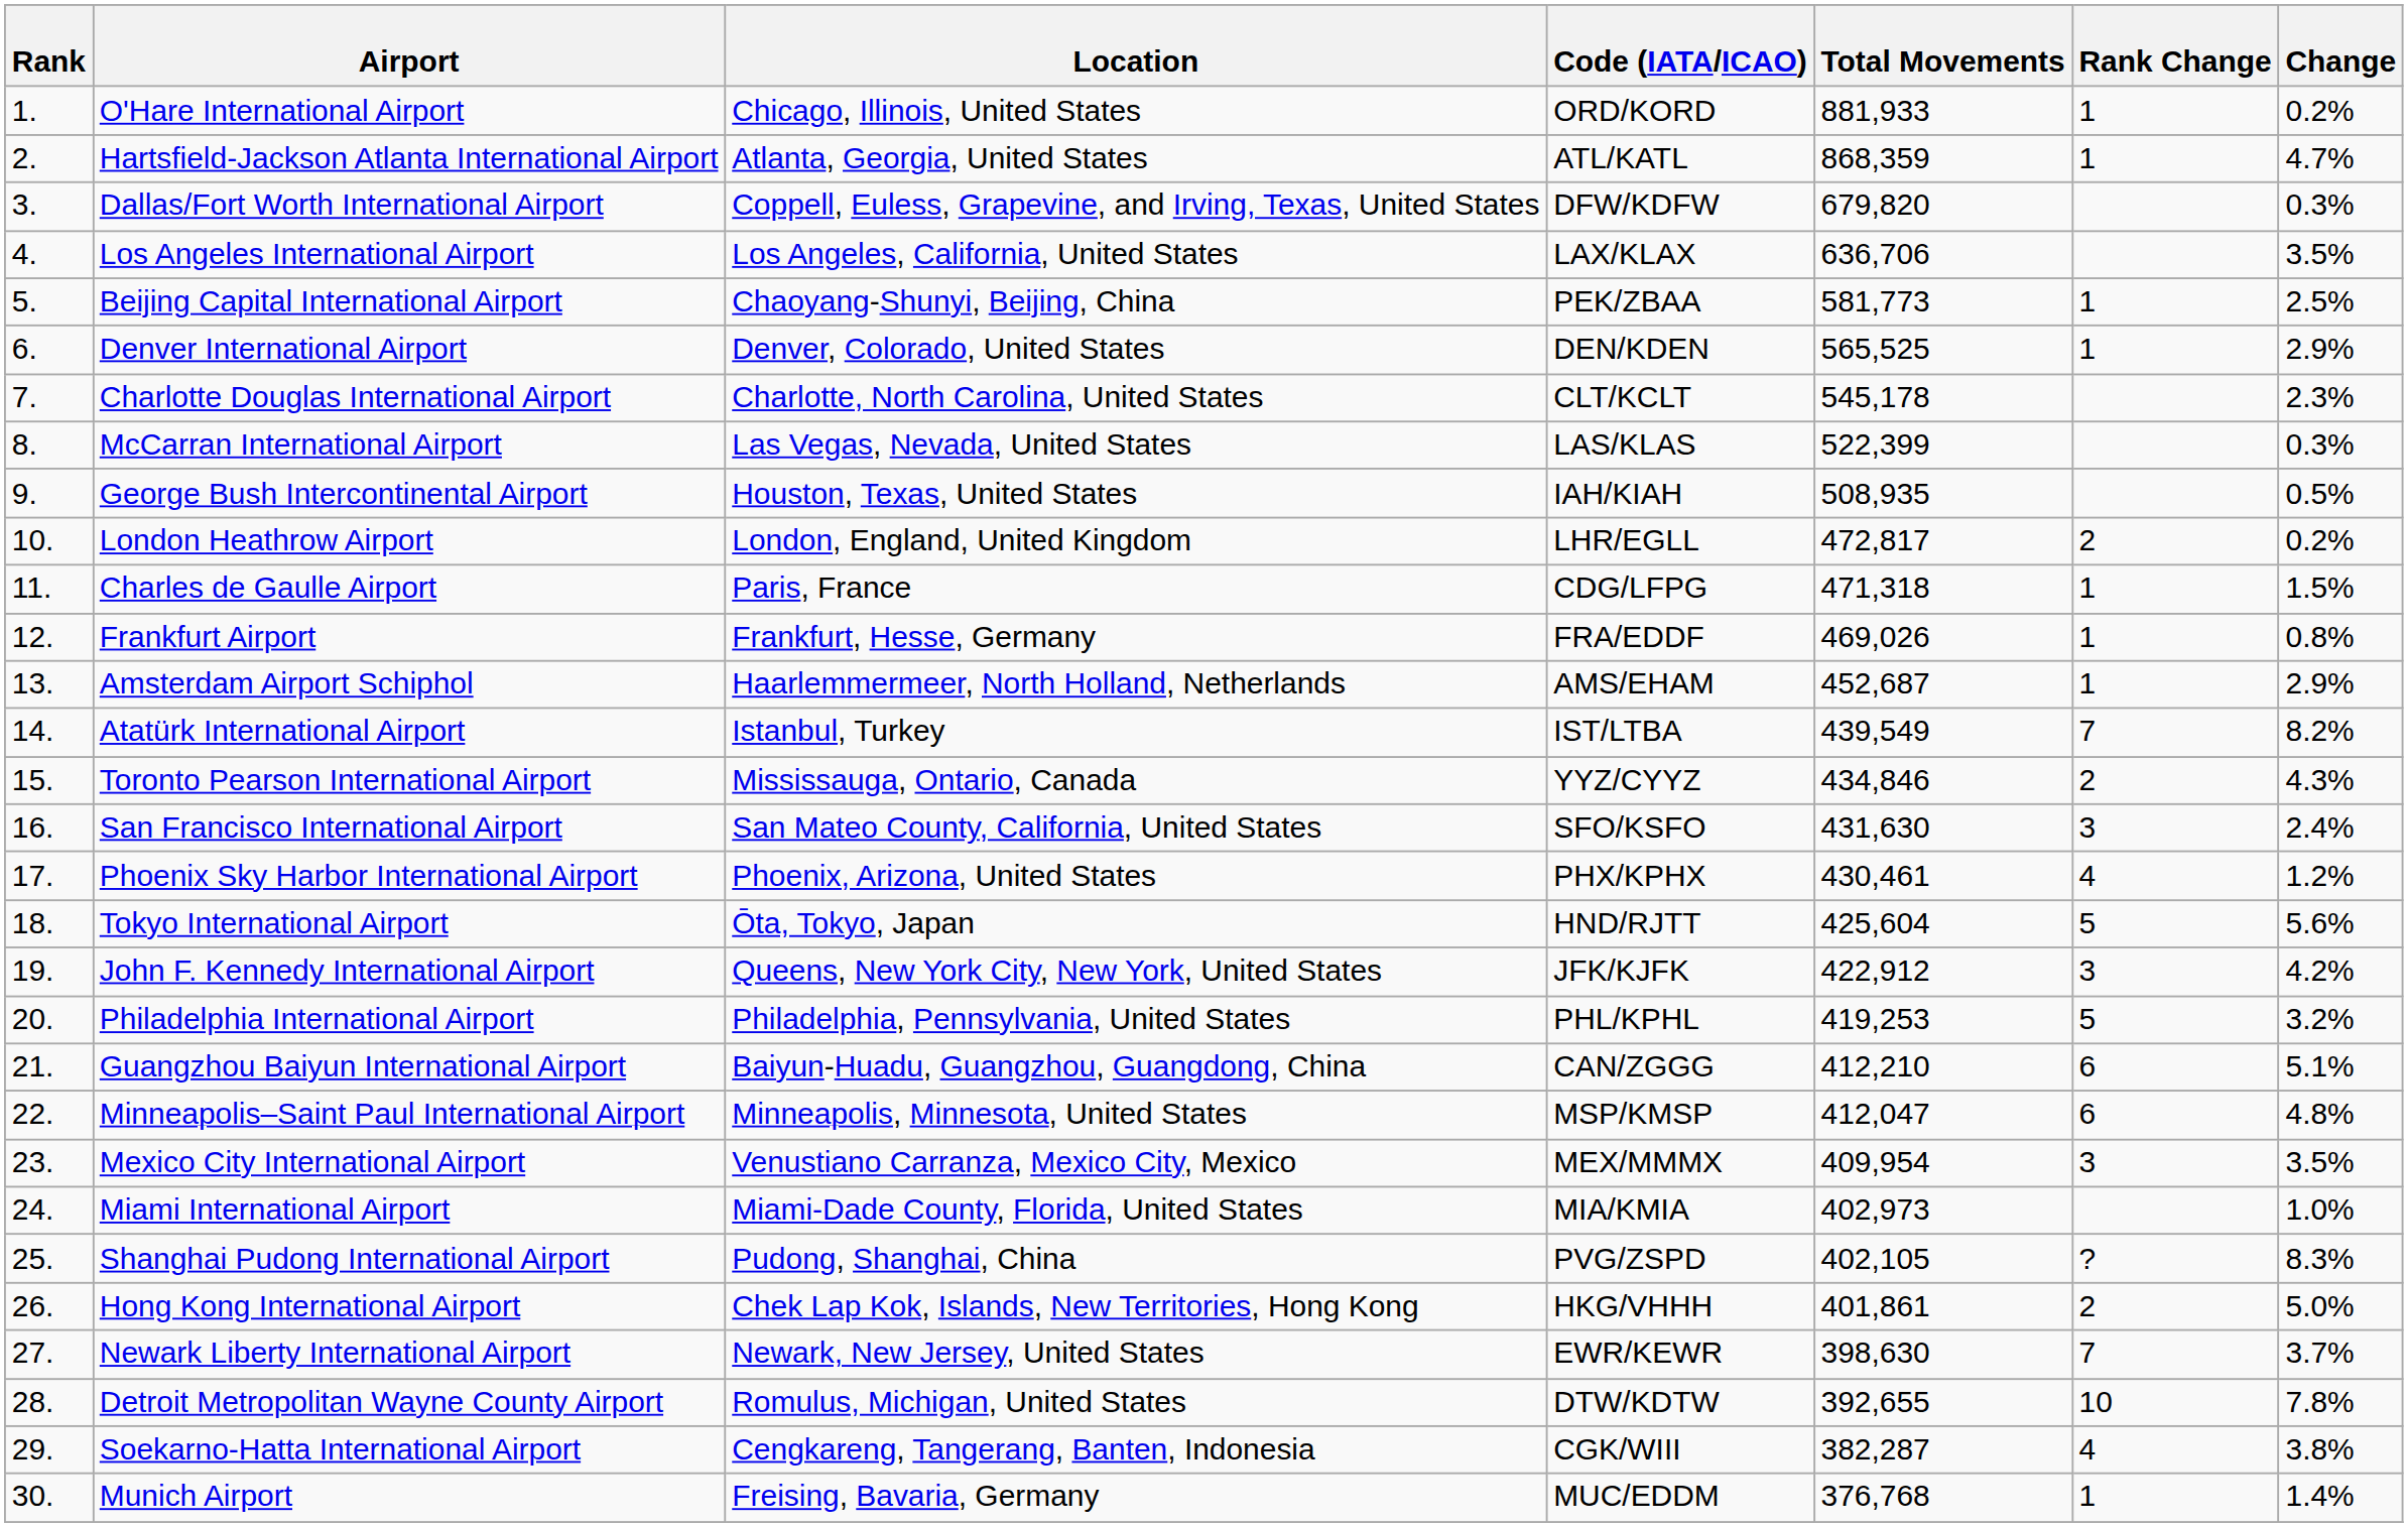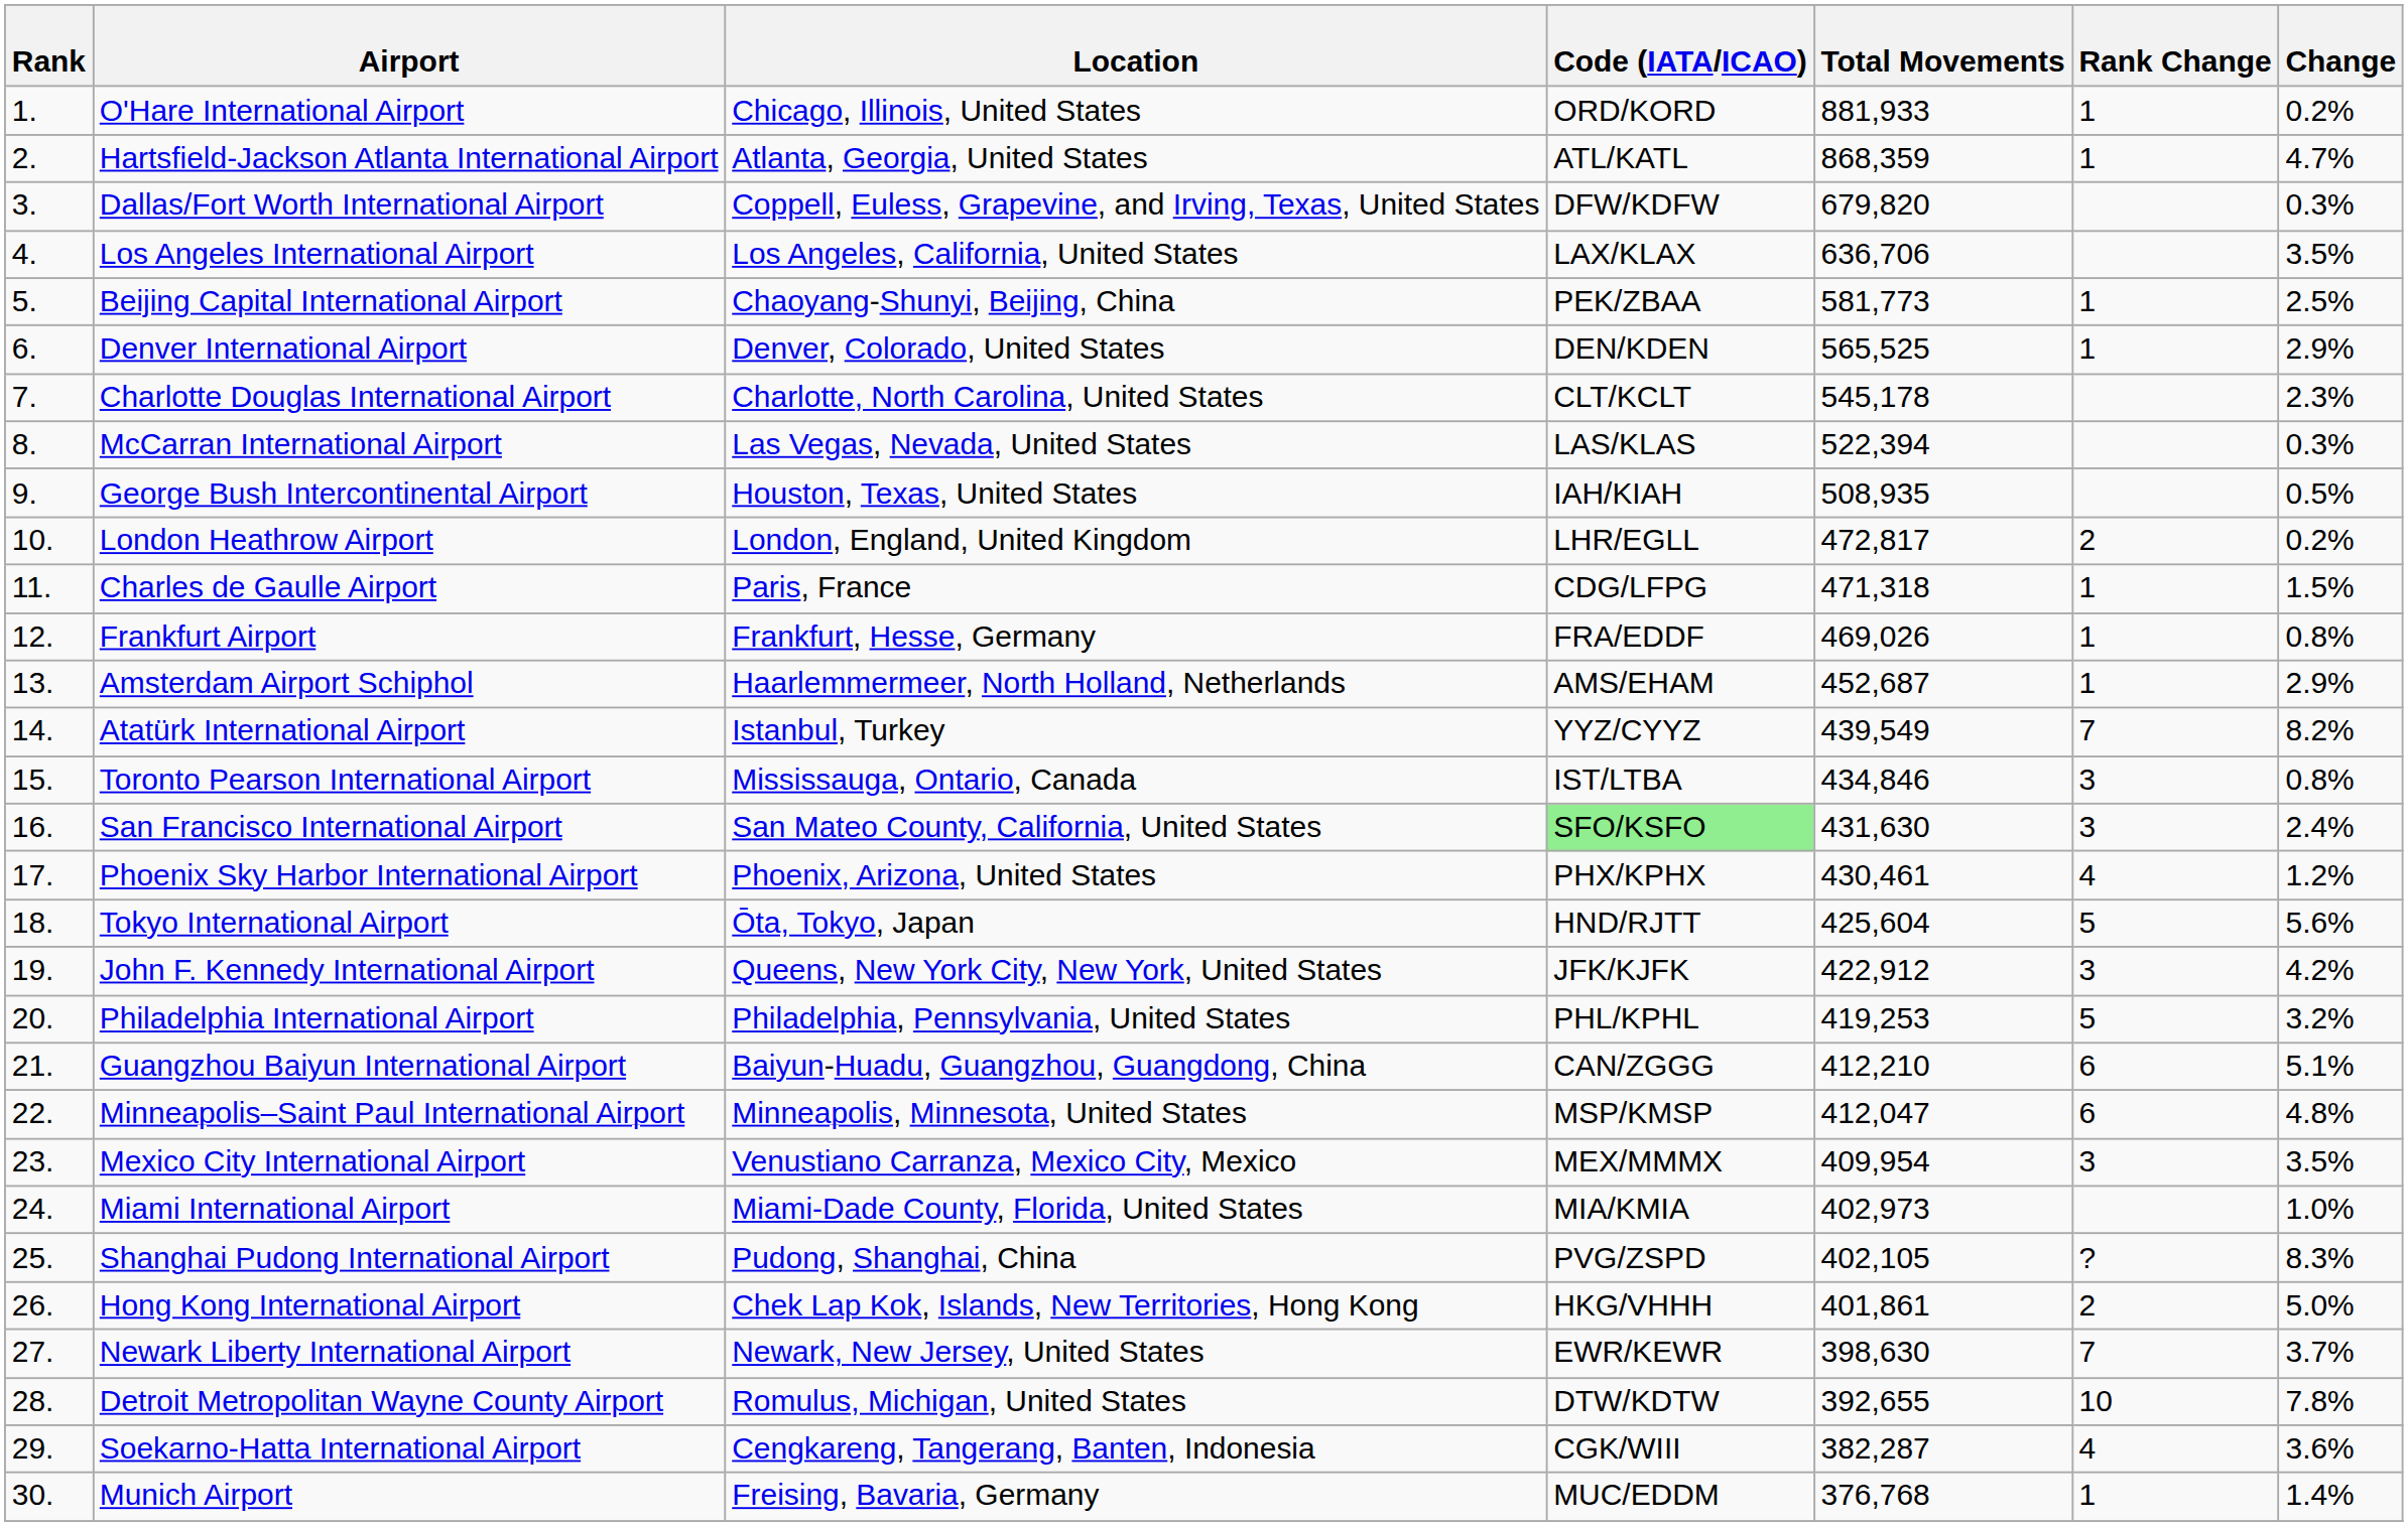 <table class="wikitable sortable" width="align=">
 <tr>
 <th><br>Rank</th>
 <th><br>Airport</th>
 <th><br>Location</th>
 <th><br>Code (<a href='#'>IATA</a>/<a href='#'>ICAO</a>)</th>
 <th><br>Total Movements</th>
 <th><br>Rank Change</th>
 <th><br>Change</th>
 </tr>
 <tr>
 <td>1.</td>
 <td> <a href='#'>O'Hare International Airport</a></td>
 <td><a href='#'>Chicago</a>, <a href='#'>Illinois</a>, United States</td>
 <td>ORD/KORD</td>
 <td>881,933</td>
 <td> 1</td>
 <td> 0.2%</td>
 </tr>
 <tr>
 <td>2.</td>
 <td> <a href='#'>Hartsfield-Jackson Atlanta International Airport</a></td>
 <td><a href='#'>Atlanta</a>, <a href='#'>Georgia</a>, United States</td>
 <td>ATL/KATL</td>
 <td>868,359</td>
 <td> 1</td>
 <td> 4.7%</td>
 </tr>
 <tr>
 <td>3.</td>
 <td> <a href='#'>Dallas/Fort Worth International Airport</a></td>
 <td><a href='#'>Coppell</a>, <a href='#'>Euless</a>, <a href='#'>Grapevine</a>, and <a href='#'>Irving, Texas</a>, United States</td>
 <td>DFW/KDFW</td>
 <td>679,820</td>
 <td></td>
 <td> 0.3%</td>
 </tr>
 <tr>
 <td>4.</td>
 <td> <a href='#'>Los Angeles International Airport</a></td>
 <td><a href='#'>Los Angeles</a>, <a href='#'>California</a>, United States</td>
 <td>LAX/KLAX</td>
 <td>636,706</td>
 <td></td>
 <td> 3.5%</td>
 </tr>
 <tr>
 <td>5.</td>
 <td> <a href='#'>Beijing Capital International Airport</a></td>
 <td><a href='#'>Chaoyang</a>-<a href='#'>Shunyi</a>, <a href='#'>Beijing</a>, China</td>
 <td>PEK/ZBAA</td>
 <td>581,773</td>
 <td> 1</td>
 <td> 2.5%</td>
 </tr>
 <tr>
 <td>6.</td>
 <td> <a href='#'>Denver International Airport</a></td>
 <td><a href='#'>Denver</a>, <a href='#'>Colorado</a>, United States</td>
 <td>DEN/KDEN</td>
 <td>565,525</td>
 <td> 1</td>
 <td> 2.9%</td>
 </tr>
 <tr>
 <td>7.</td>
 <td> <a href='#'>Charlotte Douglas International Airport</a></td>
 <td><a href='#'>Charlotte, North Carolina</a>, United States</td>
 <td>CLT/KCLT</td>
 <td>545,178</td>
 <td></td>
 <td> 2.3%</td>
 </tr>
 <tr>
 <td>8.</td>
 <td> <a href='#'>McCarran International Airport</a></td>
 <td><a href='#'>Las Vegas</a>, <a href='#'>Nevada</a>, United States</td>
 <td>LAS/KLAS</td>
-<td>522,399</td>
+<td>522,394</td>
 <td></td>
 <td> 0.3%</td>
 </tr>
 <tr>
 <td>9.</td>
 <td> <a href='#'>George Bush Intercontinental Airport</a></td>
 <td><a href='#'>Houston</a>, <a href='#'>Texas</a>, United States</td>
 <td>IAH/KIAH</td>
 <td>508,935</td>
 <td></td>
 <td> 0.5%</td>
 </tr>
 <tr>
 <td>10.</td>
 <td> <a href='#'>London Heathrow Airport</a></td>
 <td><a href='#'>London</a>, England, United Kingdom</td>
 <td>LHR/EGLL</td>
 <td>472,817</td>
 <td> 2</td>
 <td> 0.2%</td>
 </tr>
 <tr>
 <td>11.</td>
 <td> <a href='#'>Charles de Gaulle Airport</a></td>
 <td><a href='#'>Paris</a>, France</td>
 <td>CDG/LFPG</td>
 <td>471,318</td>
 <td> 1</td>
 <td> 1.5%</td>
 </tr>
 <tr>
 <td>12.</td>
 <td> <a href='#'>Frankfurt Airport</a></td>
 <td><a href='#'>Frankfurt</a>, <a href='#'>Hesse</a>, Germany</td>
 <td>FRA/EDDF</td>
 <td>469,026</td>
 <td> 1</td>
 <td> 0.8%</td>
 </tr>
 <tr>
 <td>13.</td>
 <td> <a href='#'>Amsterdam Airport Schiphol</a></td>
 <td><a href='#'>Haarlemmermeer</a>, <a href='#'>North Holland</a>, Netherlands</td>
 <td>AMS/EHAM</td>
 <td>452,687</td>
 <td> 1</td>
 <td> 2.9%</td>
 </tr>
 <tr>
 <td>14.</td>
 <td> <a href='#'>Atatürk International Airport</a></td>
 <td><a href='#'>Istanbul</a>, Turkey</td>
-<td>IST/LTBA</td>
+<td>YYZ/CYYZ</td>
 <td>439,549</td>
 <td> 7</td>
 <td> 8.2%</td>
 </tr>
 <tr>
 <td>15.</td>
 <td> <a href='#'>Toronto Pearson International Airport</a></td>
 <td><a href='#'>Mississauga</a>, <a href='#'>Ontario</a>, Canada</td>
-<td>YYZ/CYYZ</td>
+<td>IST/LTBA</td>
 <td>434,846</td>
-<td> 2</td>
-<td> 4.3%</td>
+<td> 3</td>
+<td> 0.8%</td>
 </tr>
 <tr>
 <td>16.</td>
 <td> <a href='#'>San Francisco International Airport</a></td>
 <td><a href='#'>San Mateo County, California</a>, United States</td>
-<td>SFO/KSFO</td>
+<td style="background: lightgreen;">SFO/KSFO</td>
 <td>431,630</td>
 <td> 3</td>
 <td> 2.4%</td>
 </tr>
 <tr>
 <td>17.</td>
 <td> <a href='#'>Phoenix Sky Harbor International Airport</a></td>
 <td><a href='#'>Phoenix, Arizona</a>, United States</td>
 <td>PHX/KPHX</td>
 <td>430,461</td>
 <td> 4</td>
 <td> 1.2%</td>
 </tr>
 <tr>
 <td>18.</td>
 <td> <a href='#'>Tokyo International Airport</a></td>
 <td><a href='#'>Ōta, Tokyo</a>, Japan</td>
 <td>HND/RJTT</td>
 <td>425,604</td>
 <td> 5</td>
 <td> 5.6%</td>
 </tr>
 <tr>
 <td>19.</td>
 <td> <a href='#'>John F. Kennedy International Airport</a></td>
 <td><a href='#'>Queens</a>, <a href='#'>New York City</a>, <a href='#'>New York</a>, United States</td>
 <td>JFK/KJFK</td>
 <td>422,912</td>
 <td> 3</td>
 <td> 4.2%</td>
 </tr>
 <tr>
 <td>20.</td>
 <td> <a href='#'>Philadelphia International Airport</a></td>
 <td><a href='#'>Philadelphia</a>, <a href='#'>Pennsylvania</a>, United States</td>
 <td>PHL/KPHL</td>
 <td>419,253</td>
 <td> 5</td>
 <td> 3.2%</td>
 </tr>
 <tr>
 <td>21.</td>
 <td> <a href='#'>Guangzhou Baiyun International Airport</a></td>
 <td><a href='#'>Baiyun</a>-<a href='#'>Huadu</a>, <a href='#'>Guangzhou</a>, <a href='#'>Guangdong</a>, China</td>
 <td>CAN/ZGGG</td>
 <td>412,210</td>
 <td> 6</td>
 <td> 5.1%</td>
 </tr>
 <tr>
 <td>22.</td>
 <td> <a href='#'>Minneapolis–Saint Paul International Airport</a></td>
 <td><a href='#'>Minneapolis</a>, <a href='#'>Minnesota</a>, United States</td>
 <td>MSP/KMSP</td>
 <td>412,047</td>
 <td> 6</td>
 <td> 4.8%</td>
 </tr>
 <tr>
 <td>23.</td>
 <td> <a href='#'>Mexico City International Airport</a></td>
 <td><a href='#'>Venustiano Carranza</a>, <a href='#'>Mexico City</a>, Mexico</td>
 <td>MEX/MMMX</td>
 <td>409,954</td>
 <td> 3</td>
 <td> 3.5%</td>
 </tr>
 <tr>
 <td>24.</td>
 <td> <a href='#'>Miami International Airport</a></td>
 <td><a href='#'>Miami-Dade County</a>, <a href='#'>Florida</a>, United States</td>
 <td>MIA/KMIA</td>
 <td>402,973</td>
 <td></td>
 <td> 1.0%</td>
 </tr>
 <tr>
 <td>25.</td>
 <td> <a href='#'>Shanghai Pudong International Airport</a></td>
 <td><a href='#'>Pudong</a>, <a href='#'>Shanghai</a>, China</td>
 <td>PVG/ZSPD</td>
 <td>402,105</td>
 <td> ?</td>
 <td> 8.3%</td>
 </tr>
 <tr>
 <td>26.</td>
 <td> <a href='#'>Hong Kong International Airport</a></td>
 <td><a href='#'>Chek Lap Kok</a>, <a href='#'>Islands</a>, <a href='#'>New Territories</a>, Hong Kong</td>
 <td>HKG/VHHH</td>
 <td>401,861</td>
 <td> 2</td>
 <td> 5.0%</td>
 </tr>
 <tr>
 <td>27.</td>
 <td> <a href='#'>Newark Liberty International Airport</a></td>
 <td><a href='#'>Newark, New Jersey</a>, United States</td>
 <td>EWR/KEWR</td>
 <td>398,630</td>
 <td> 7</td>
 <td> 3.7%</td>
 </tr>
 <tr>
 <td>28.</td>
 <td> <a href='#'>Detroit Metropolitan Wayne County Airport</a></td>
 <td><a href='#'>Romulus, Michigan</a>, United States</td>
 <td>DTW/KDTW</td>
 <td>392,655</td>
 <td> 10</td>
 <td> 7.8%</td>
 </tr>
 <tr>
 <td>29.</td>
 <td> <a href='#'>Soekarno-Hatta International Airport</a></td>
 <td><a href='#'>Cengkareng</a>, <a href='#'>Tangerang</a>, <a href='#'>Banten</a>, Indonesia</td>
 <td>CGK/WIII</td>
 <td>382,287</td>
 <td> 4</td>
-<td> 3.8%</td>
+<td> 3.6%</td>
 </tr>
 <tr>
 <td>30.</td>
 <td> <a href='#'>Munich Airport</a></td>
 <td><a href='#'>Freising</a>, <a href='#'>Bavaria</a>, Germany</td>
 <td>MUC/EDDM</td>
 <td>376,768</td>
 <td> 1</td>
 <td> 1.4%</td>
 </tr>
 <tr>
 </tr>
 </table>
